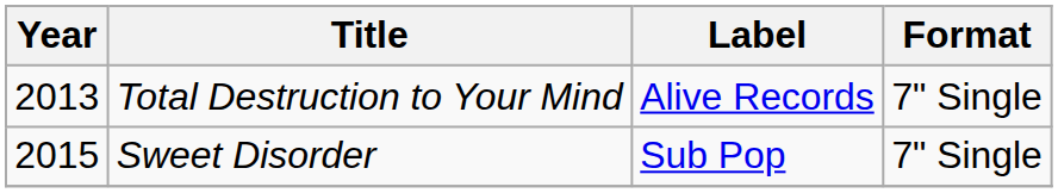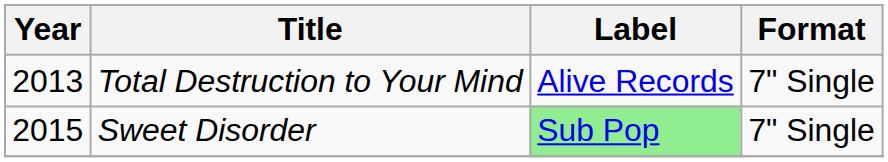 <table class="wikitable">
 <tr>
 <th>Year</th>
 <th>Title</th>
 <th>Label</th>
 <th>Format</th>
 </tr>
 <tr>
 <td>2013</td>
 <td><em>Total Destruction to Your Mind</em></td>
 <td><a href='#'>Alive Records</a></td>
 <td>7" Single</td>
 </tr>
 <tr>
 <td>2015</td>
 <td><em>Sweet Disorder</em></td>
-<td><a href='#'>Sub Pop</a></td>
+<td style="background: lightgreen;"><a href='#'>Sub Pop</a></td>
 <td>7" Single</td>
 </tr>
 <tr>
 </tr>
 </table>
